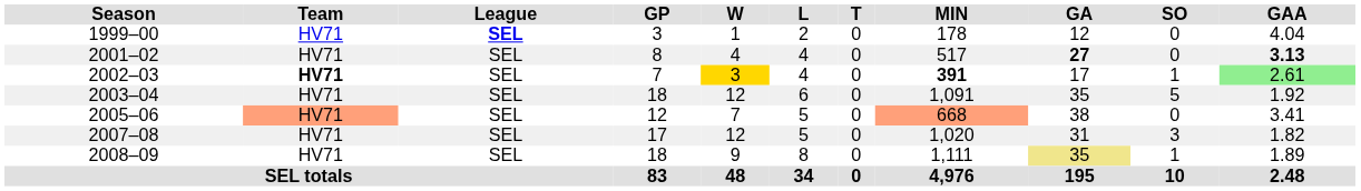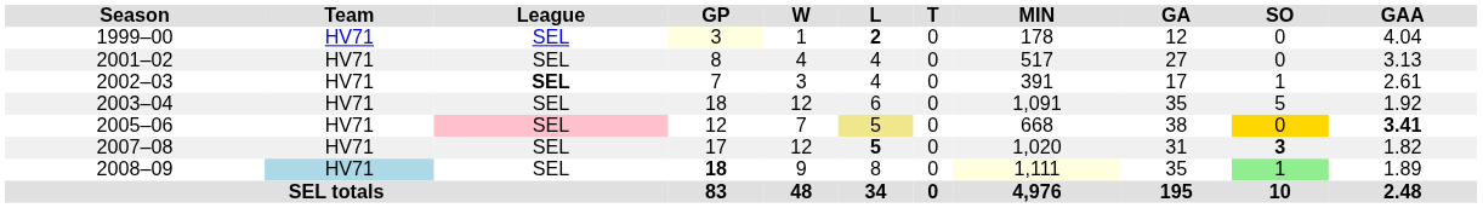 <table border="0" cellpadding="0" cellspacing="0" style="width:95%;">
 <tr>
 <th colspan="3" style="background:#fff;"></th>
 <th rowspan="99" style="background:#fff;"></th>
 </tr>
 <tr style="background:#e0e0e0; text-align:center;">
 <th>Season</th>
 <th>Team</th>
 <th>League</th>
 <th>GP</th>
 <th>W</th>
 <th>L</th>
 <th>T</th>
 <th>MIN</th>
 <th>GA</th>
 <th>SO</th>
 <th>GAA</th>
 </tr>
 <tr ALIGN="center">
 <td>1999–00</td>
 <td><a href='#'>HV71</a></td>
-<td><strong><a href='#'>SEL</a></strong></td>
-<td>3</td>
+<td><a href='#'>SEL</a></td>
+<td style="background: lightyellow;">3</td>
 <td>1</td>
-<td>2</td>
+<td><strong>2</strong></td>
 <td>0</td>
 <td>178</td>
 <td>12</td>
 <td>0</td>
 <td>4.04</td>
 </tr>
 <tr ALIGN="center" bgcolor="#f0f0f0">
 <td>2001–02</td>
 <td>HV71</td>
 <td>SEL</td>
 <td>8</td>
 <td>4</td>
 <td>4</td>
 <td>0</td>
 <td>517</td>
-<td><strong>27</strong></td>
+<td>27</td>
 <td>0</td>
-<td><strong>3.13</strong></td>
+<td>3.13</td>
 </tr>
 <tr ALIGN="center">
 <td>2002–03</td>
-<td><strong>HV71</strong></td>
-<td>SEL</td>
+<td>HV71</td>
+<td><strong>SEL</strong></td>
 <td>7</td>
-<td style="background: gold;">3</td>
+<td>3</td>
 <td>4</td>
 <td>0</td>
-<td><strong>391</strong></td>
+<td>391</td>
 <td>17</td>
 <td>1</td>
-<td style="background: lightgreen;">2.61</td>
+<td>2.61</td>
 </tr>
 <tr ALIGN="center" bgcolor="#f0f0f0">
 <td>2003–04</td>
 <td>HV71</td>
 <td>SEL</td>
 <td>18</td>
 <td>12</td>
 <td>6</td>
 <td>0</td>
 <td>1,091</td>
 <td>35</td>
 <td>5</td>
 <td>1.92</td>
 </tr>
 <tr ALIGN="center">
 <td>2005–06</td>
-<td style="background: lightsalmon;">HV71</td>
-<td>SEL</td>
+<td>HV71</td>
+<td style="background: pink;">SEL</td>
 <td>12</td>
 <td>7</td>
-<td>5</td>
+<td style="background: khaki;">5</td>
 <td>0</td>
-<td style="background: lightsalmon;">668</td>
+<td>668</td>
 <td>38</td>
-<td>0</td>
-<td>3.41</td>
+<td style="background: gold;">0</td>
+<td><strong>3.41</strong></td>
 </tr>
 <tr ALIGN="center" bgcolor="#f0f0f0">
 <td>2007–08</td>
 <td>HV71</td>
 <td>SEL</td>
 <td>17</td>
 <td>12</td>
-<td>5</td>
+<td><strong>5</strong></td>
 <td>0</td>
 <td>1,020</td>
 <td>31</td>
-<td>3</td>
+<td><strong>3</strong></td>
 <td>1.82</td>
 </tr>
 <tr ALIGN="center">
 <td>2008–09</td>
-<td>HV71</td>
+<td style="background: lightblue;">HV71</td>
 <td>SEL</td>
-<td>18</td>
+<td><strong>18</strong></td>
 <td>9</td>
 <td>8</td>
 <td>0</td>
-<td>1,111</td>
-<td style="background: khaki;">35</td>
-<td>1</td>
+<td style="background: lightyellow;">1,111</td>
+<td>35</td>
+<td style="background: lightgreen;">1</td>
 <td>1.89</td>
 </tr>
 <tr ALIGN="center" bgcolor="#e0e0e0">
 <th colspan="3" align="center">SEL totals</th>
 <th>83</th>
 <th>48</th>
 <th>34</th>
 <th>0</th>
 <th>4,976</th>
 <th>195</th>
 <th>10</th>
 <th>2.48</th>
 </tr>
 </table>
